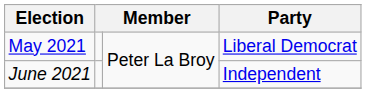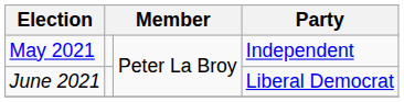 <table class="wikitable">
 <tr>
 <th>Election</th>
 <th colspan="2">Member</th>
 <th>Party</th>
 </tr>
 <tr>
 <td><a href='#'>May 2021</a></td>
 <td rowspan="1" style="background-color: "></td>
 <td rowspan="2">Peter La Broy</td>
-<td rowspan="1"><a href='#'>Liberal Democrat</a></td>
+<td rowspan="1"><a href='#'>Independent</a></td>
 </tr>
 <tr>
 <td><em>June 2021</em></td>
 <td rowspan="1" style="background-color: "></td>
-<td rowspan="1"><a href='#'>Independent</a></td>
+<td rowspan="1"><a href='#'>Liberal Democrat</a></td>
 </tr>
 <tr>
 </tr>
 </table>
